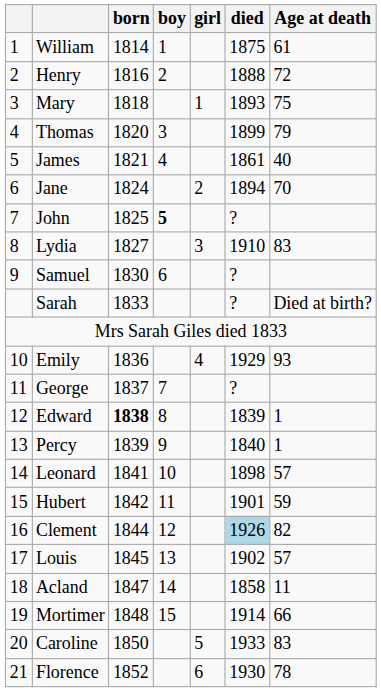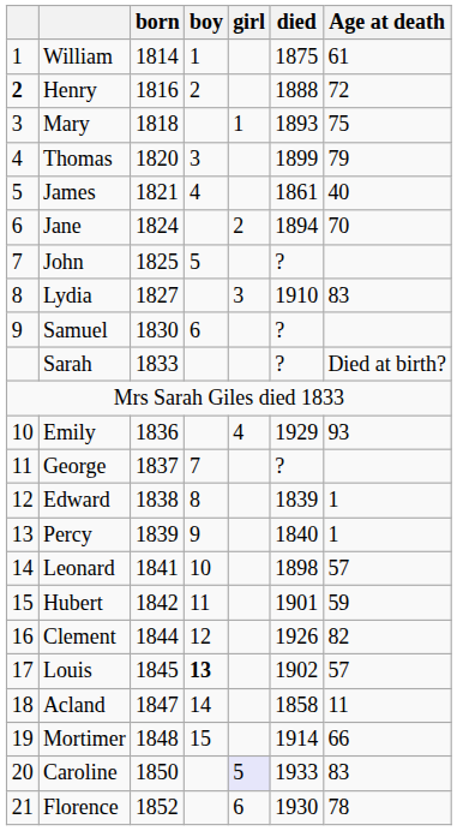 <table class="wikitable" style="margin:1em auto;">
 <tr>
 <th></th>
 <th></th>
 <th>born</th>
 <th>boy</th>
 <th>girl</th>
 <th>died</th>
 <th>Age at death</th>
 </tr>
 <tr>
 <td>1</td>
 <td>William</td>
 <td>1814</td>
 <td>1</td>
 <td></td>
 <td>1875</td>
 <td>61</td>
 </tr>
 <tr>
-<td>2</td>
+<td><strong>2</strong></td>
 <td>Henry</td>
 <td>1816</td>
 <td>2</td>
 <td></td>
 <td>1888</td>
 <td>72</td>
 </tr>
 <tr>
 <td>3</td>
 <td>Mary</td>
 <td>1818</td>
 <td></td>
 <td>1</td>
 <td>1893</td>
 <td>75</td>
 </tr>
 <tr>
 <td>4</td>
 <td>Thomas</td>
 <td>1820</td>
 <td>3</td>
 <td></td>
 <td>1899</td>
 <td>79</td>
 </tr>
 <tr>
 <td>5</td>
 <td>James</td>
 <td>1821</td>
 <td>4</td>
 <td></td>
 <td>1861</td>
 <td>40</td>
 </tr>
 <tr>
 <td>6</td>
 <td>Jane</td>
 <td>1824</td>
 <td></td>
 <td>2</td>
 <td>1894</td>
 <td>70</td>
 </tr>
 <tr>
 <td>7</td>
 <td>John</td>
 <td>1825</td>
-<td><strong>5</strong></td>
+<td>5</td>
 <td></td>
 <td>?</td>
 <td></td>
 </tr>
 <tr>
 <td>8</td>
 <td>Lydia</td>
 <td>1827</td>
 <td></td>
 <td>3</td>
 <td>1910</td>
 <td>83</td>
 </tr>
 <tr>
 <td>9</td>
 <td>Samuel</td>
 <td>1830</td>
 <td>6</td>
 <td></td>
 <td>?</td>
 <td></td>
 </tr>
 <tr>
 <td></td>
 <td>Sarah</td>
 <td>1833</td>
 <td></td>
 <td></td>
 <td>?</td>
 <td>Died at birth?</td>
 </tr>
 <tr align=center>
 <td colspan=7>Mrs Sarah Giles died 1833</td>
 </tr>
 <tr>
 <td>10</td>
 <td>Emily</td>
 <td>1836</td>
 <td></td>
 <td>4</td>
 <td>1929</td>
 <td>93</td>
 </tr>
 <tr>
 <td>11</td>
 <td>George</td>
 <td>1837</td>
 <td>7</td>
 <td></td>
 <td>?</td>
 <td></td>
 </tr>
 <tr>
 <td>12</td>
 <td>Edward</td>
-<td><strong>1838</strong></td>
+<td>1838</td>
 <td>8</td>
 <td></td>
 <td>1839</td>
 <td>1</td>
 </tr>
 <tr>
 <td>13</td>
 <td>Percy</td>
 <td>1839</td>
 <td>9</td>
 <td></td>
 <td>1840</td>
 <td>1</td>
 </tr>
 <tr>
 <td>14</td>
 <td>Leonard</td>
 <td>1841</td>
 <td>10</td>
 <td></td>
 <td>1898</td>
 <td>57</td>
 </tr>
 <tr>
 <td>15</td>
 <td>Hubert</td>
 <td>1842</td>
 <td>11</td>
 <td></td>
 <td>1901</td>
 <td>59</td>
 </tr>
 <tr>
 <td>16</td>
 <td>Clement</td>
 <td>1844</td>
 <td>12</td>
 <td></td>
-<td style="background: lightblue;">1926</td>
+<td>1926</td>
 <td>82</td>
 </tr>
 <tr>
 <td>17</td>
 <td>Louis</td>
 <td>1845</td>
-<td>13</td>
+<td><strong>13</strong></td>
 <td></td>
 <td>1902</td>
 <td>57</td>
 </tr>
 <tr>
 <td>18</td>
 <td>Acland</td>
 <td>1847</td>
 <td>14</td>
 <td></td>
 <td>1858</td>
 <td>11</td>
 </tr>
 <tr>
 <td>19</td>
 <td>Mortimer</td>
 <td>1848</td>
 <td>15</td>
 <td></td>
 <td>1914</td>
 <td>66</td>
 </tr>
 <tr>
 <td>20</td>
 <td>Caroline</td>
 <td>1850</td>
 <td></td>
-<td>5</td>
+<td style="background: lavender;">5</td>
 <td>1933</td>
 <td>83</td>
 </tr>
 <tr>
 <td>21</td>
 <td>Florence</td>
 <td>1852</td>
 <td></td>
 <td>6</td>
 <td>1930</td>
 <td>78</td>
 </tr>
 </table>
